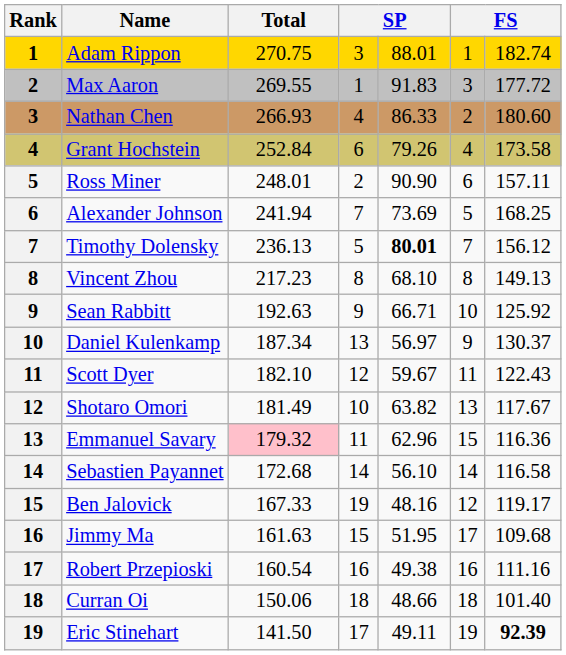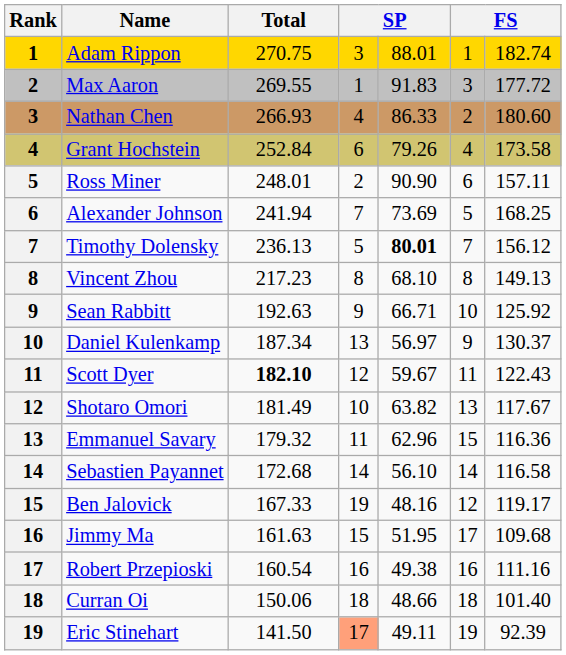 <table class="wikitable sortable">
 <tr>
 <th>Rank</th>
 <th>Name</th>
 <th width="80px">Total</th>
 <th colspan="2" width="80px"><a href='#'>SP</a></th>
 <th colspan="2" width="80px"><a href='#'>FS</a></th>
 </tr>
 <tr bgcolor="gold">
 <td align="center"><strong>1</strong></td>
 <td><a href='#'>Adam Rippon</a></td>
 <td align="center">270.75</td>
 <td align="center">3</td>
 <td align="center">88.01</td>
 <td align="center">1</td>
 <td align="center">182.74</td>
 </tr>
 <tr bgcolor="silver">
 <td align="center"><strong>2</strong></td>
 <td><a href='#'>Max Aaron</a></td>
 <td align="center">269.55</td>
 <td align="center">1</td>
 <td align="center">91.83</td>
 <td align="center">3</td>
 <td align="center">177.72</td>
 </tr>
 <tr bgcolor="cc9966">
 <td align="center"><strong>3</strong></td>
 <td><a href='#'>Nathan Chen</a></td>
 <td align="center">266.93</td>
 <td align="center">4</td>
 <td align="center">86.33</td>
 <td align="center">2</td>
 <td align="center">180.60</td>
 </tr>
 <tr bgcolor="#d1c571">
 <td align="center"><strong>4</strong></td>
 <td><a href='#'>Grant Hochstein</a></td>
 <td align="center">252.84</td>
 <td align="center">6</td>
 <td align="center">79.26</td>
 <td align="center">4</td>
 <td align="center">173.58</td>
 </tr>
 <tr>
 <th>5</th>
 <td><a href='#'>Ross Miner</a></td>
 <td align="center">248.01</td>
 <td align="center">2</td>
 <td align="center">90.90</td>
 <td align="center">6</td>
 <td align="center">157.11</td>
 </tr>
 <tr>
 <th>6</th>
 <td><a href='#'>Alexander Johnson</a></td>
 <td align="center">241.94</td>
 <td align="center">7</td>
 <td align="center">73.69</td>
 <td align="center">5</td>
 <td align="center">168.25</td>
 </tr>
 <tr>
 <th>7</th>
 <td><a href='#'>Timothy Dolensky</a></td>
 <td align="center">236.13</td>
 <td align="center">5</td>
 <td align="center"><strong>80.01</strong></td>
 <td align="center">7</td>
 <td align="center">156.12</td>
 </tr>
 <tr>
 <th>8</th>
 <td><a href='#'>Vincent Zhou</a></td>
 <td align="center">217.23</td>
 <td align="center">8</td>
 <td align="center">68.10</td>
 <td align="center">8</td>
 <td align="center">149.13</td>
 </tr>
 <tr>
 <th>9</th>
 <td><a href='#'>Sean Rabbitt</a></td>
 <td align="center">192.63</td>
 <td align="center">9</td>
 <td align="center">66.71</td>
 <td align="center">10</td>
 <td align="center">125.92</td>
 </tr>
 <tr>
 <th>10</th>
 <td><a href='#'>Daniel Kulenkamp</a></td>
 <td align="center">187.34</td>
 <td align="center">13</td>
 <td align="center">56.97</td>
 <td align="center">9</td>
 <td align="center">130.37</td>
 </tr>
 <tr>
 <th>11</th>
 <td><a href='#'>Scott Dyer</a></td>
-<td align="center">182.10</td>
+<td align="center"><strong>182.10</strong></td>
 <td align="center">12</td>
 <td align="center">59.67</td>
 <td align="center">11</td>
 <td align="center">122.43</td>
 </tr>
 <tr>
 <th>12</th>
 <td><a href='#'>Shotaro Omori</a></td>
 <td align="center">181.49</td>
 <td align="center">10</td>
 <td align="center">63.82</td>
 <td align="center">13</td>
 <td align="center">117.67</td>
 </tr>
 <tr>
 <th>13</th>
 <td><a href='#'>Emmanuel Savary</a></td>
-<td align="center" style="background: pink;">179.32</td>
+<td align="center">179.32</td>
 <td align="center">11</td>
 <td align="center">62.96</td>
 <td align="center">15</td>
 <td align="center">116.36</td>
 </tr>
 <tr>
 <th>14</th>
 <td><a href='#'>Sebastien Payannet</a></td>
 <td align="center">172.68</td>
 <td align="center">14</td>
 <td align="center">56.10</td>
 <td align="center">14</td>
 <td align="center">116.58</td>
 </tr>
 <tr>
 <th>15</th>
 <td><a href='#'>Ben Jalovick</a></td>
 <td align="center">167.33</td>
 <td align="center">19</td>
 <td align="center">48.16</td>
 <td align="center">12</td>
 <td align="center">119.17</td>
 </tr>
 <tr>
 <th>16</th>
 <td><a href='#'>Jimmy Ma</a></td>
 <td align="center">161.63</td>
 <td align="center">15</td>
 <td align="center">51.95</td>
 <td align="center">17</td>
 <td align="center">109.68</td>
 </tr>
 <tr>
 <th>17</th>
 <td><a href='#'>Robert Przepioski</a></td>
 <td align="center">160.54</td>
 <td align="center">16</td>
 <td align="center">49.38</td>
 <td align="center">16</td>
 <td align="center">111.16</td>
 </tr>
 <tr>
 <th>18</th>
 <td><a href='#'>Curran Oi</a></td>
 <td align="center">150.06</td>
 <td align="center">18</td>
 <td align="center">48.66</td>
 <td align="center">18</td>
 <td align="center">101.40</td>
 </tr>
 <tr>
 <th>19</th>
 <td><a href='#'>Eric Stinehart</a></td>
 <td align="center">141.50</td>
-<td align="center">17</td>
+<td align="center" style="background: lightsalmon;">17</td>
 <td align="center">49.11</td>
 <td align="center">19</td>
-<td align="center"><strong>92.39</strong></td>
+<td align="center">92.39</td>
 </tr>
 </table>
